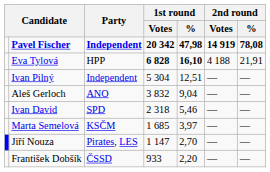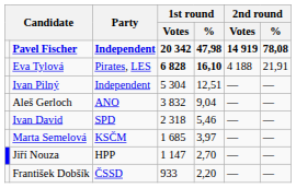 <table class="wikitable sortable">
 <tr>
 <th colspan="2" rowspan="2">Candidate</th>
 <th rowspan="2">Party</th>
 <th colspan="2">1st round</th>
 <th colspan="2">2nd round</th>
 </tr>
 <tr>
 <th>Votes</th>
 <th>%</th>
 <th>Votes</th>
 <th>%</th>
 </tr>
 <tr>
 <td style="background-color:"></td>
 <td><strong><a href='#'>Pavel Fischer</a></strong></td>
 <td><a href='#'><strong>Independent</strong></a></td>
 <td><strong>20 342</strong></td>
 <td><strong>47,98</strong></td>
 <td><strong>14 919</strong></td>
 <td><strong>78,08</strong></td>
 </tr>
 <tr>
 <td style="background-color:"></td>
 <td><a href='#'>Eva Tylová</a></td>
-<td>HPP</td>
+<td><a href='#'>Pirates</a>, <a href='#'>LES</a></td>
 <td><strong>6 828</strong></td>
 <td><strong>16,10</strong></td>
 <td>4 188</td>
 <td>21,91</td>
 </tr>
 <tr>
 <td style="background-color:"></td>
 <td><a href='#'>Ivan Pilný</a></td>
 <td><a href='#'>Independent</a></td>
 <td>5 304</td>
 <td>12,51</td>
 <td>—</td>
 <td>—</td>
 </tr>
 <tr>
 <td style="background-color:"></td>
 <td>Aleš Gerloch</td>
 <td><a href='#'>ANO</a></td>
 <td>3 832</td>
 <td>9,04</td>
 <td>—</td>
 <td>—</td>
 </tr>
 <tr>
 <td style="background-color:"></td>
 <td><a href='#'>Ivan David</a></td>
 <td><a href='#'>SPD</a></td>
 <td>2 318</td>
 <td>5,46</td>
 <td>—</td>
 <td>—</td>
 </tr>
 <tr>
 <td style="background-color:"></td>
 <td><a href='#'>Marta Semelová</a></td>
 <td><a href='#'>KSČM</a></td>
 <td>1 685</td>
 <td>3,97</td>
 <td>—</td>
 <td>—</td>
 </tr>
 <tr>
 <td style="background-color:blue"></td>
 <td>Jiří Nouza</td>
-<td><a href='#'>Pirates</a>, <a href='#'>LES</a></td>
+<td>HPP</td>
 <td>1 147</td>
 <td>2,70</td>
 <td>—</td>
 <td>—</td>
 </tr>
 <tr>
 <td style="background-color:"></td>
 <td>František Dobšík</td>
 <td><a href='#'>ČSSD</a></td>
 <td>933</td>
 <td>2,20</td>
 <td>—</td>
 <td>—</td>
 </tr>
 </table>
